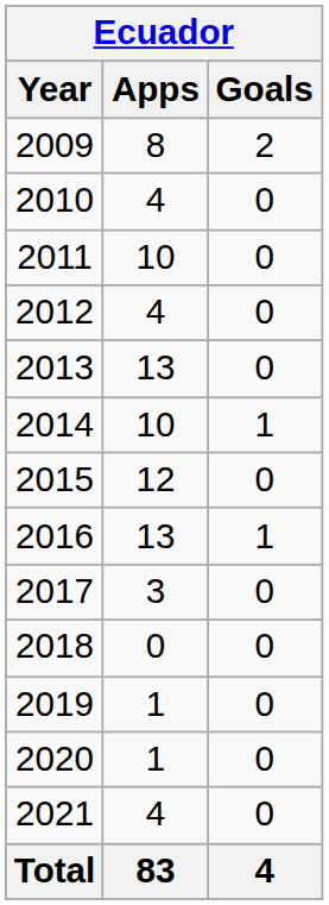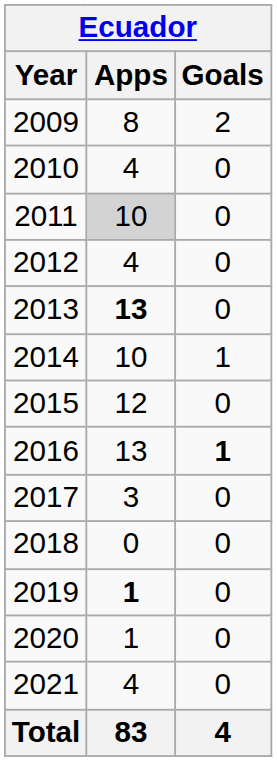 <table class="wikitable" style="text-align:center">
 <tr>
 <th colspan=3><a href='#'>Ecuador</a></th>
 </tr>
 <tr>
 <th>Year</th>
 <th>Apps</th>
 <th>Goals</th>
 </tr>
 <tr>
 <td>2009</td>
 <td>8</td>
 <td>2</td>
 </tr>
 <tr>
 <td>2010</td>
 <td>4</td>
 <td>0</td>
 </tr>
 <tr>
 <td>2011</td>
-<td>10</td>
+<td style="background: lightgrey;">10</td>
 <td>0</td>
 </tr>
 <tr>
 <td>2012</td>
 <td>4</td>
 <td>0</td>
 </tr>
 <tr>
 <td>2013</td>
-<td>13</td>
+<td><strong>13</strong></td>
 <td>0</td>
 </tr>
 <tr>
 <td>2014</td>
 <td>10</td>
 <td>1</td>
 </tr>
 <tr>
 <td>2015</td>
 <td>12</td>
 <td>0</td>
 </tr>
 <tr>
 <td>2016</td>
 <td>13</td>
-<td>1</td>
+<td><strong>1</strong></td>
 </tr>
 <tr>
 <td>2017</td>
 <td>3</td>
 <td>0</td>
 </tr>
 <tr>
 <td>2018</td>
 <td>0</td>
 <td>0</td>
 </tr>
 <tr>
 <td>2019</td>
-<td>1</td>
+<td><strong>1</strong></td>
 <td>0</td>
 </tr>
 <tr>
 <td>2020</td>
 <td>1</td>
 <td>0</td>
 </tr>
 <tr>
 <td>2021</td>
 <td>4</td>
 <td>0</td>
 </tr>
 <tr>
 <th>Total</th>
 <th>83</th>
 <th>4</th>
 </tr>
 </table>
